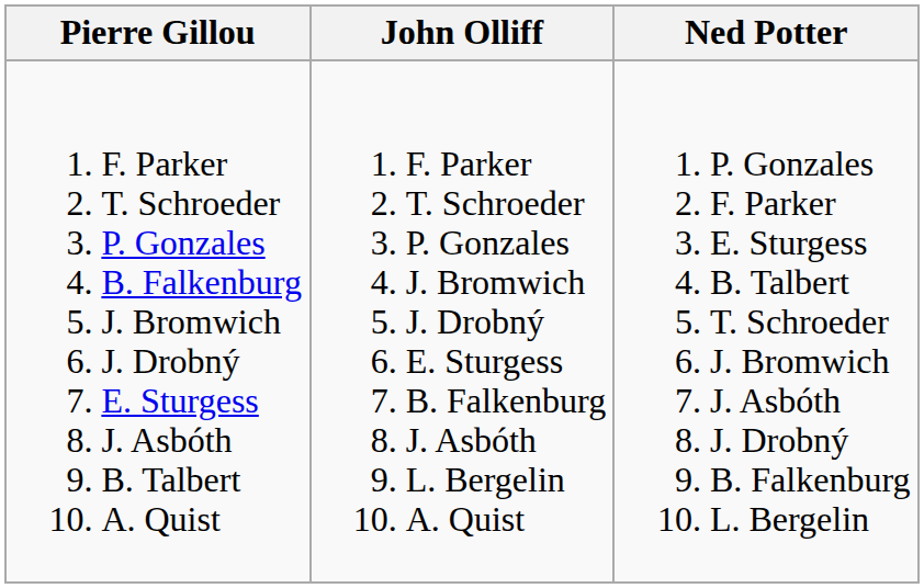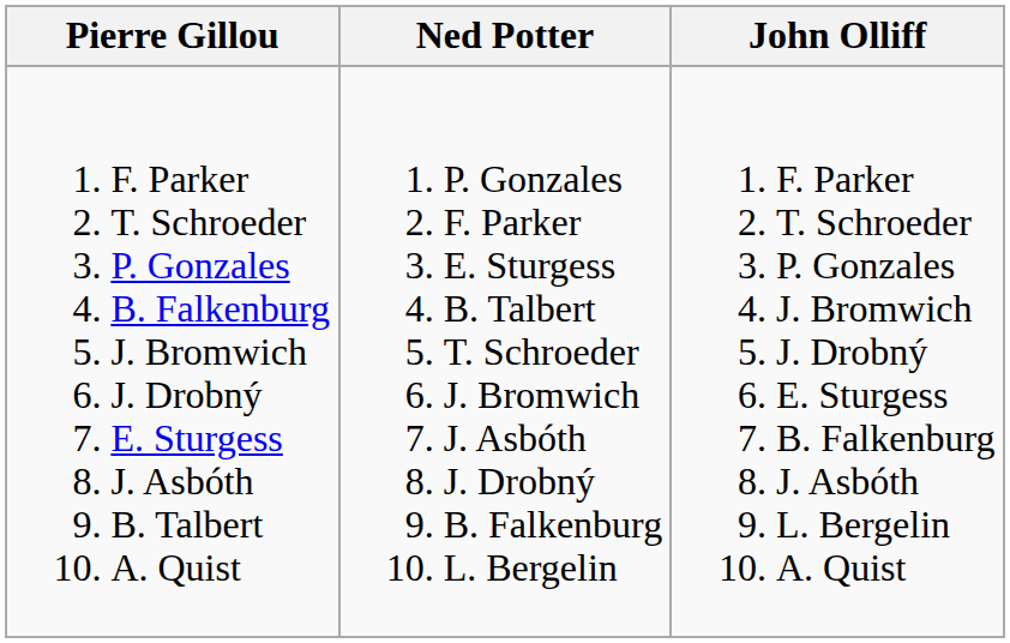 <table class="wikitable">
 <tr>
 <th>Pierre Gillou</th>
+<th>Ned Potter</th>
 <th>John Olliff</th>
-<th>Ned Potter</th>
 </tr>
 <tr style="vertical-align: top;">
 <td style="white-space: nowrap;"><br><ol><li> F. Parker</li><li> T. Schroeder</li><li> <a href='#'>P. Gonzales</a></li><li> <a href='#'>B. Falkenburg</a></li><li> J. Bromwich</li><li> J. Drobný</li><li> <a href='#'>E. Sturgess</a></li><li> J. Asbóth</li><li> B. Talbert</li><li> A. Quist</li></ol></td>
+<td style="white-space: nowrap;"><br><ol><li> P. Gonzales</li><li> F. Parker</li><li> E. Sturgess</li><li> B. Talbert</li><li> T. Schroeder</li><li> J. Bromwich</li><li> J. Asbóth</li><li> J. Drobný</li><li> B. Falkenburg</li><li> L. Bergelin</li></ol></td>
 <td style="white-space: nowrap;"><br><ol><li> F. Parker</li><li> T. Schroeder</li><li> P. Gonzales</li><li> J. Bromwich</li><li> J. Drobný</li><li> E. Sturgess</li><li> B. Falkenburg</li><li> J. Asbóth</li><li> L. Bergelin</li><li> A. Quist</li></ol></td>
-<td style="white-space: nowrap;"><br><ol><li> P. Gonzales</li><li> F. Parker</li><li> E. Sturgess</li><li> B. Talbert</li><li> T. Schroeder</li><li> J. Bromwich</li><li> J. Asbóth</li><li> J. Drobný</li><li> B. Falkenburg</li><li> L. Bergelin</li></ol></td>
 </tr>
 </table>
